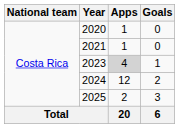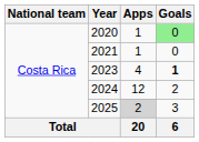 <table class="wikitable" style="text-align:center">
 <tr>
 <th>National team</th>
 <th>Year</th>
 <th>Apps</th>
 <th>Goals</th>
 </tr>
 <tr>
 <td rowspan="5"><a href='#'>Costa Rica</a></td>
 <td>2020</td>
 <td>1</td>
-<td>0</td>
+<td style="background: lightgreen;">0</td>
 </tr>
 <tr>
 <td>2021</td>
 <td>1</td>
 <td>0</td>
 </tr>
 <tr>
 <td>2023</td>
-<td style="background: lightgrey;">4</td>
-<td>1</td>
+<td>4</td>
+<td><strong>1</strong></td>
 </tr>
 <tr>
 <td>2024</td>
 <td>12</td>
 <td>2</td>
 </tr>
 <tr>
 <td>2025</td>
-<td>2</td>
+<td style="background: lightgrey;">2</td>
 <td>3</td>
 </tr>
 <tr>
 <th colspan="2">Total</th>
 <th>20</th>
 <th>6</th>
 </tr>
 </table>
